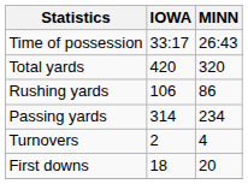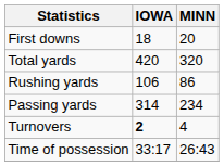 <table class="wikitable">
 <tr>
 <th>Statistics</th>
 <th>IOWA</th>
 <th>MINN</th>
 </tr>
 <tr>
-<td>Time of possession</td>
-<td>33:17</td>
-<td>26:43</td>
+<td>First downs</td>
+<td>18</td>
+<td>20</td>
 </tr>
 <tr>
 <td>Total yards</td>
 <td>420</td>
 <td>320</td>
 </tr>
 <tr>
 <td>Rushing yards</td>
 <td>106</td>
 <td>86</td>
 </tr>
 <tr>
 <td>Passing yards</td>
 <td>314</td>
 <td>234</td>
 </tr>
 <tr>
 <td>Turnovers</td>
-<td>2</td>
+<td><strong>2</strong></td>
 <td>4</td>
 </tr>
 <tr>
-<td>First downs</td>
-<td>18</td>
-<td>20</td>
+<td>Time of possession</td>
+<td>33:17</td>
+<td>26:43</td>
 </tr>
 <tr>
 </tr>
 </table>
